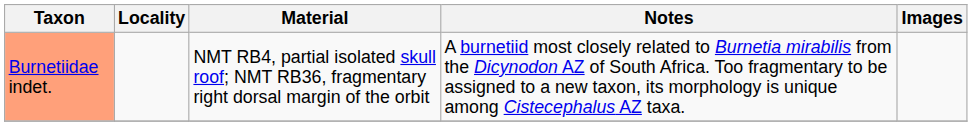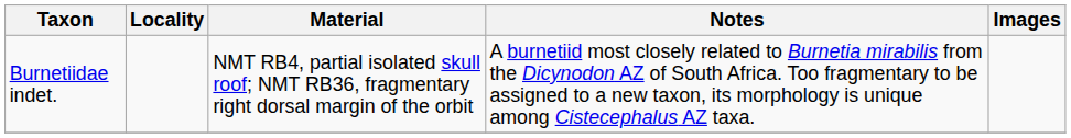 <table class="wikitable sortable">
 <tr>
 <th>Taxon</th>
 <th>Locality</th>
 <th class="unsortable">Material</th>
 <th class="unsortable">Notes</th>
 <th class="unsortable">Images</th>
 </tr>
 <tr>
-<td style="background: lightsalmon;"><a href='#'>Burnetiidae</a> indet.</td>
+<td><a href='#'>Burnetiidae</a> indet.</td>
 <td></td>
 <td>NMT RB4, partial isolated <a href='#'>skull roof</a>; NMT RB36, fragmentary right dorsal margin of the orbit</td>
 <td>A <a href='#'>burnetiid</a> most closely related to <em><a href='#'>Burnetia mirabilis</a></em> from the <a href='#'><em>Dicynodon</em> AZ</a> of South Africa. Too fragmentary to be assigned to a new taxon, its morphology is unique among <a href='#'><em>Cistecephalus</em> AZ</a> taxa.</td>
 <td></td>
 </tr>
 <tr>
 </tr>
 </table>
